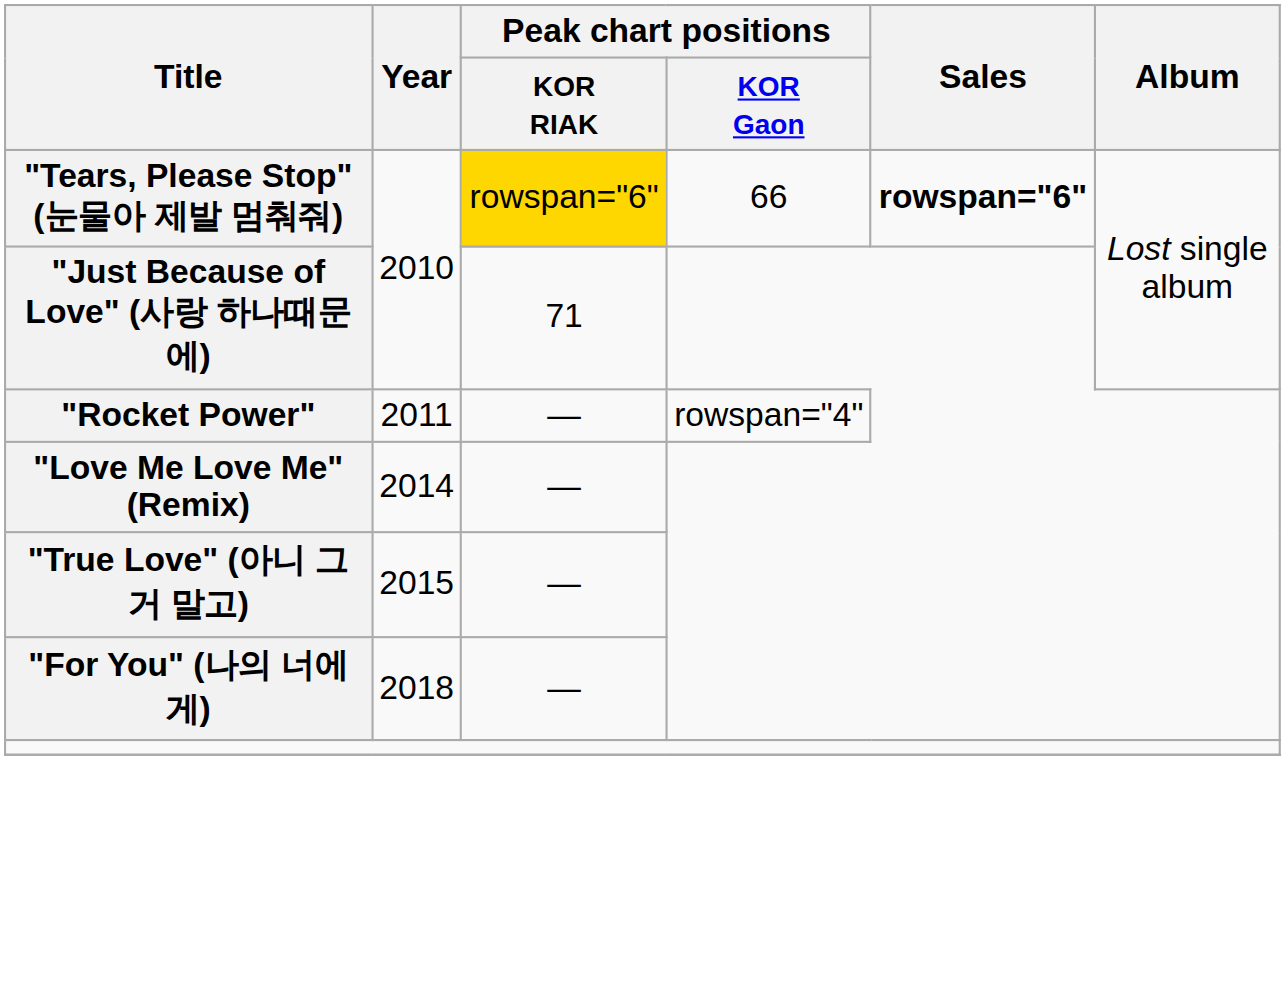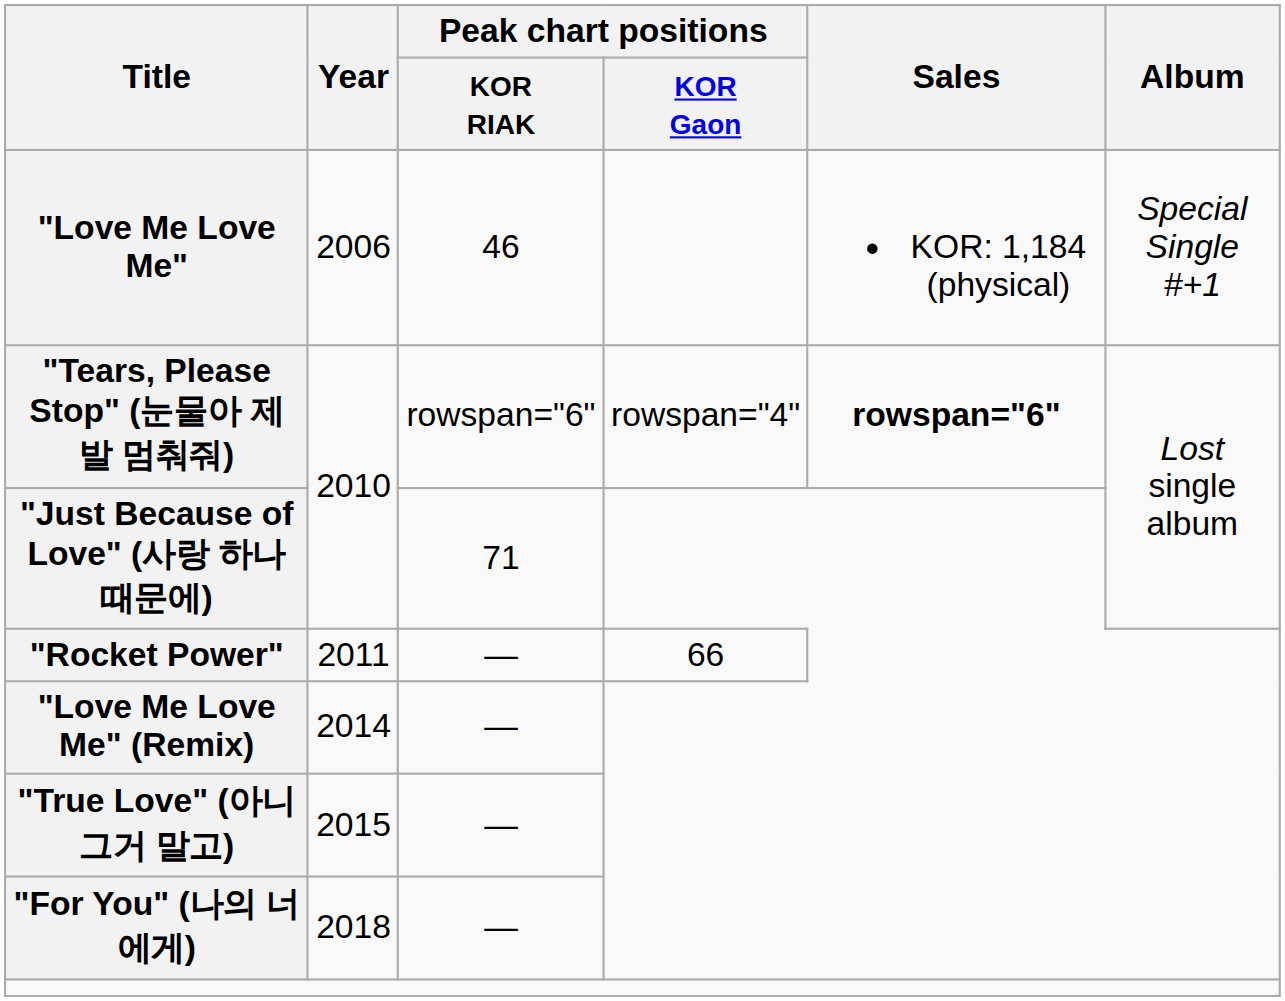 <table class="wikitable plainrowheaders" style="text-align:center;">
 <tr>
 <th scope="col" rowspan="2">Title</th>
 <th scope="col" rowspan="2">Year</th>
 <th colspan="2" scope="col" style="width:5em;">Peak chart positions</th>
 <th rowspan="2">Sales</th>
 <th scope="col" rowspan="2">Album</th>
 </tr>
 <tr>
 <th><small>KOR<br>RIAK</small><br></th>
 <th><small><a href='#'>KOR<br>Gaon</a></small><br></th>
 </tr>
 <tr>
+<th scope="row">"Love Me Love Me"</th>
+<td>2006</td>
+<td>46</td>
+<td></td>
+<td><br><ul><li>KOR: 1,184 (physical)</li></ul></td>
+<td><em>Special Single #+1</em></td>
+</tr>
+<tr>
 <th scope="row">"Tears, Please Stop" (눈물아 제발 멈춰줘)<br></th>
 <td rowspan="2">2010</td>
-<td style="background: gold;">rowspan="6" </td>
-<td>66</td>
+<td>rowspan="6" </td>
+<td>rowspan="4" </td>
 <td><strong>rowspan="6" </strong></td>
 <td rowspan="2"><em>Lost</em> single album</td>
 </tr>
 <tr>
 <th scope="row">"Just Because of Love" (사랑 하나때문에)<br></th>
 <td>71</td>
 </tr>
 <tr>
 <th scope="row">"Rocket Power"</th>
 <td>2011</td>
 <td>—</td>
-<td>rowspan="4" </td>
+<td>66</td>
 </tr>
 <tr>
 <th scope="row">"Love Me Love Me" (Remix)</th>
 <td>2014</td>
 <td>—</td>
 </tr>
 <tr>
 <th scope="row">"True Love" (아니 그거 말고)<br></th>
 <td>2015</td>
 <td>—</td>
 </tr>
 <tr>
 <th scope="row">"For You" (나의 너에게)</th>
 <td>2018</td>
 <td>—</td>
 </tr>
 <tr>
 <td colspan="6"></td>
 </tr>
 <tr>
 </tr>
 </table>
